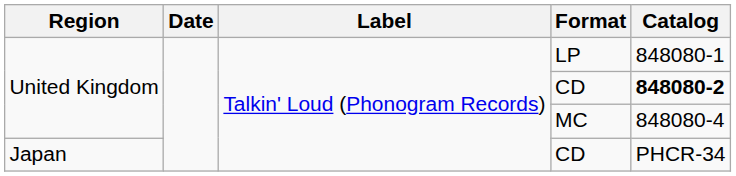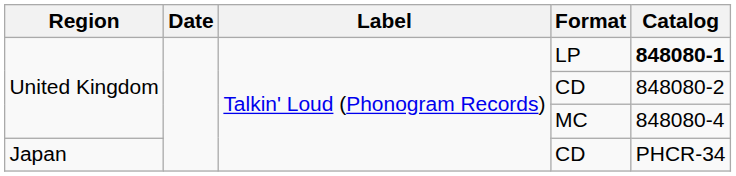 <table class="wikitable">
 <tr>
 <th>Region</th>
 <th>Date</th>
 <th>Label</th>
 <th>Format</th>
 <th>Catalog</th>
 </tr>
 <tr>
 <td rowspan=3>United Kingdom</td>
 <td rowspan=4></td>
 <td rowspan=4><a href='#'>Talkin' Loud</a> (<a href='#'>Phonogram Records</a>)</td>
 <td>LP</td>
-<td>848080-1</td>
+<td><strong>848080-1</strong></td>
 </tr>
 <tr>
 <td>CD</td>
-<td><strong>848080-2</strong></td>
+<td>848080-2</td>
 </tr>
 <tr>
 <td>MC</td>
 <td>848080-4</td>
 </tr>
 <tr>
 <td>Japan</td>
 <td>CD</td>
 <td>PHCR-34</td>
 </tr>
 </table>
